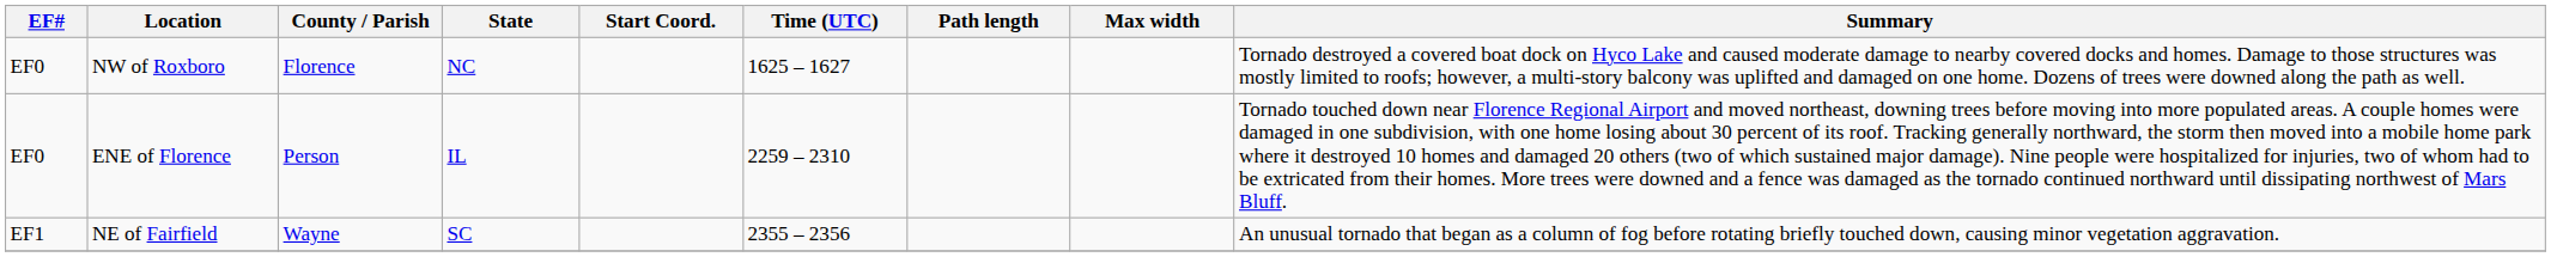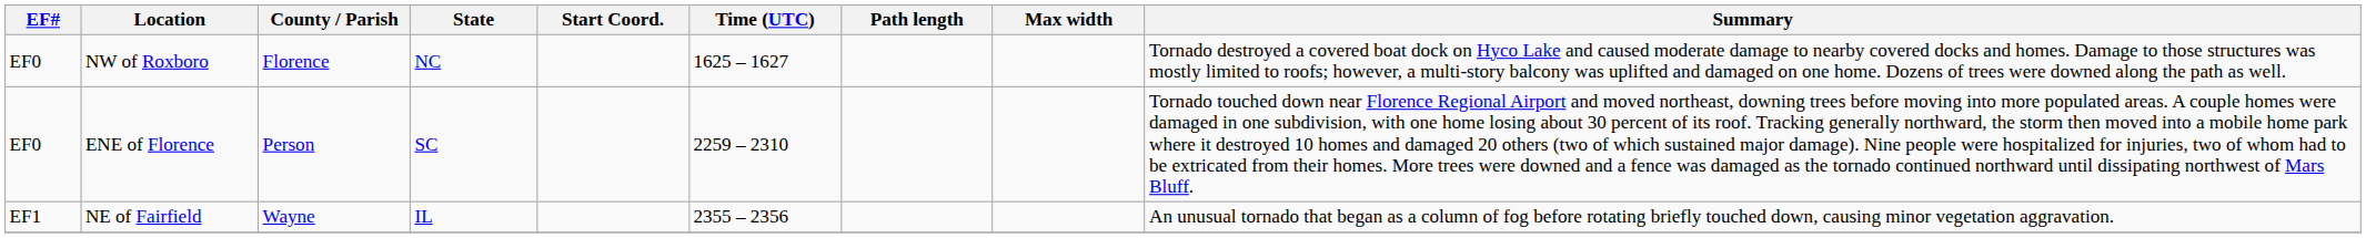 <table class="wikitable sortable" style="width:100%;">
 <tr>
 <th scope="col" width="3%" align="center"><a href='#'>EF#</a></th>
 <th scope="col" width="7%" align="center" class="unsortable">Location</th>
 <th scope="col" width="6%" align="center" class="unsortable">County / Parish</th>
 <th scope="col" width="5%" align="center">State</th>
 <th scope="col" width="6%" align="center">Start Coord.</th>
 <th scope="col" width="6%" align="center">Time (<a href='#'>UTC</a>)</th>
 <th scope="col" width="6%" align="center">Path length</th>
 <th scope="col" width="6%" align="center">Max width</th>
 <th scope="col" width="48%" class="unsortable" align="center">Summary</th>
 </tr>
 <tr>
 <td>EF0</td>
 <td>NW of <a href='#'>Roxboro</a></td>
 <td><a href='#'>Florence</a></td>
 <td><a href='#'>NC</a></td>
 <td></td>
 <td>1625 – 1627</td>
 <td></td>
 <td></td>
 <td>Tornado destroyed a covered boat dock on <a href='#'>Hyco Lake</a> and caused moderate damage to nearby covered docks and homes. Damage to those structures was mostly limited to roofs; however, a multi-story balcony was uplifted and damaged on one home. Dozens of trees were downed along the path as well.</td>
 </tr>
 <tr>
 <td>EF0</td>
 <td>ENE of <a href='#'>Florence</a></td>
 <td><a href='#'>Person</a></td>
-<td><a href='#'>IL</a></td>
+<td><a href='#'>SC</a></td>
 <td></td>
 <td>2259 – 2310</td>
 <td></td>
 <td></td>
 <td>Tornado touched down near <a href='#'>Florence Regional Airport</a> and moved northeast, downing trees before moving into more populated areas. A couple homes were damaged in one subdivision, with one home losing about 30 percent of its roof. Tracking generally northward, the storm then moved into a mobile home park where it destroyed 10 homes and damaged 20 others (two of which sustained major damage). Nine people were hospitalized for injuries, two of whom had to be extricated from their homes. More trees were downed and a fence was damaged as the tornado continued northward until dissipating northwest of <a href='#'>Mars Bluff</a>.</td>
 </tr>
 <tr>
 <td>EF1</td>
 <td>NE of <a href='#'>Fairfield</a></td>
 <td><a href='#'>Wayne</a></td>
-<td><a href='#'>SC</a></td>
+<td><a href='#'>IL</a></td>
 <td></td>
 <td>2355 – 2356</td>
 <td></td>
 <td></td>
 <td>An unusual tornado that began as a column of fog before rotating briefly touched down, causing minor vegetation aggravation.</td>
 </tr>
 <tr>
 </tr>
 </table>
